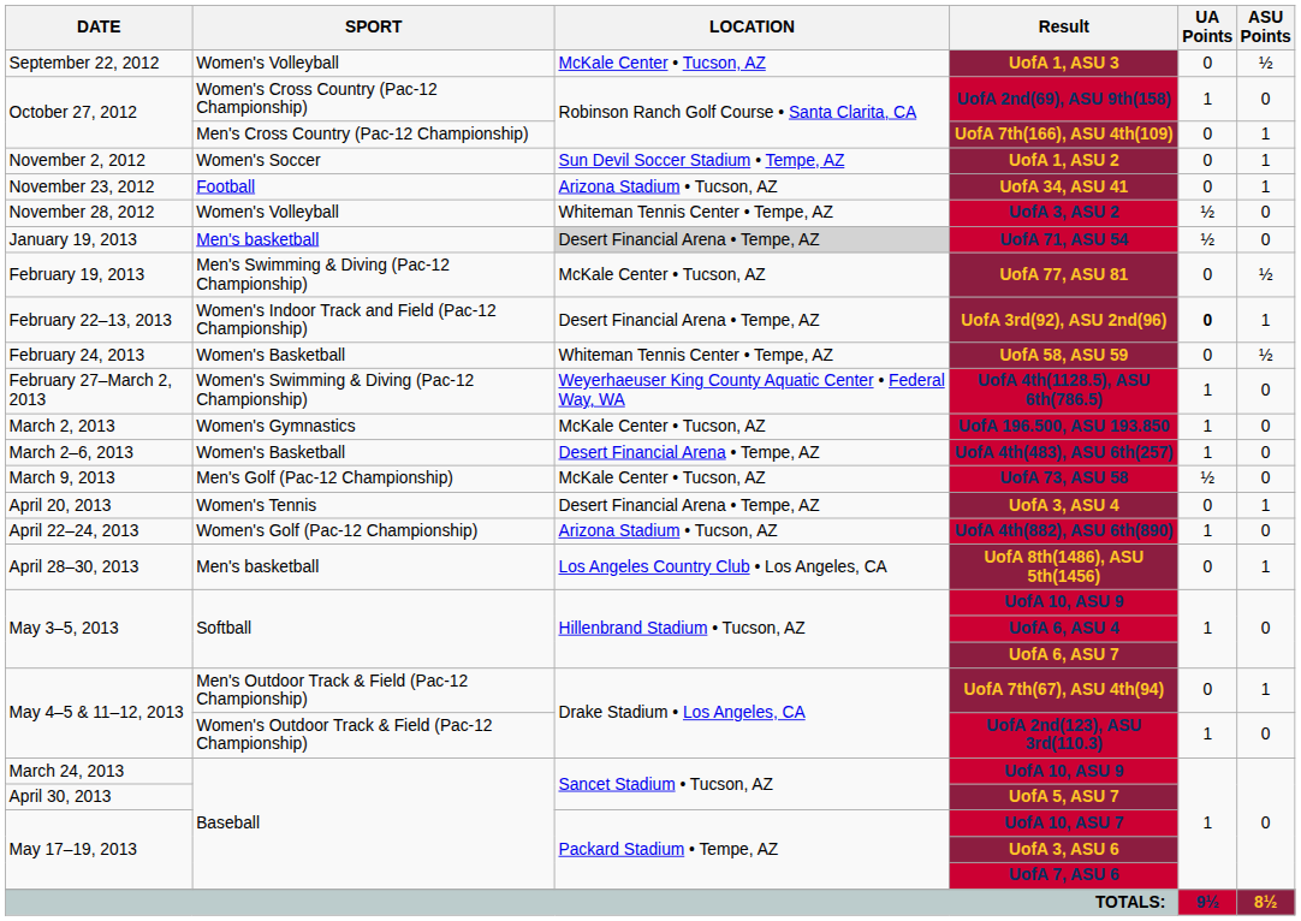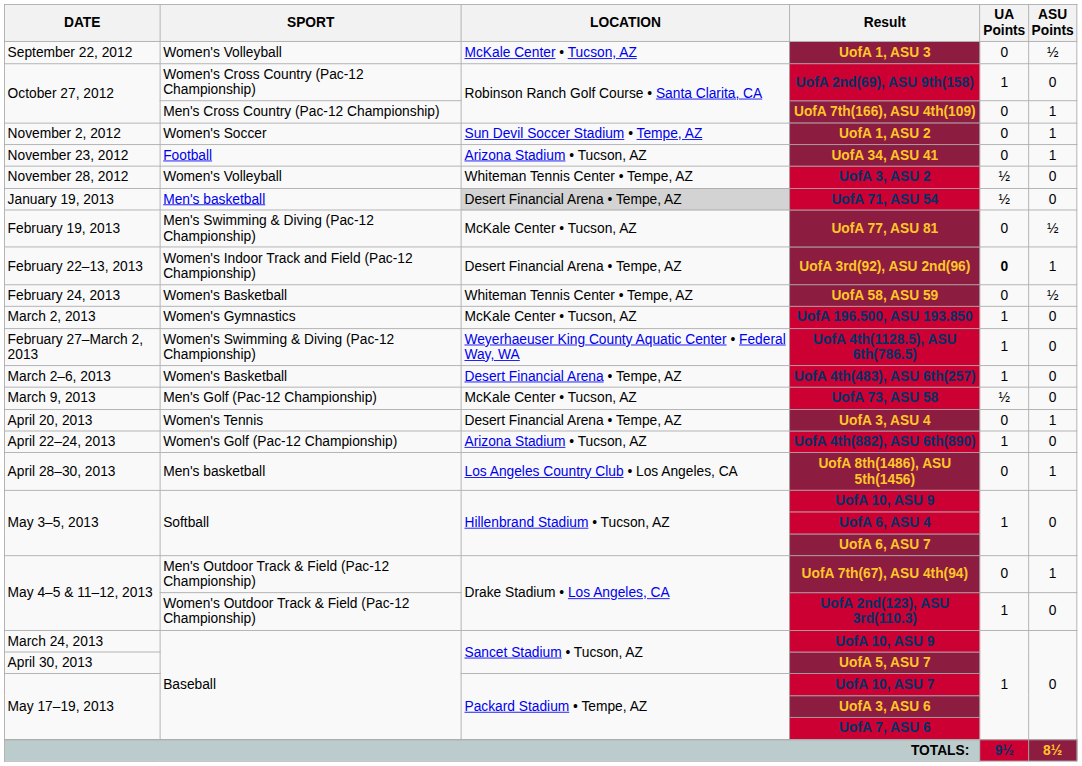 <table class=wikitable>
 <tr>
 <th>DATE</th>
 <th>SPORT</th>
 <th>LOCATION</th>
 <th>Result</th>
 <th>UA<br>Points</th>
 <th>ASU<br>Points</th>
 </tr>
 <tr>
 <td>September 22, 2012</td>
 <td>Women's Volleyball</td>
 <td><a href='#'>McKale Center</a> • <a href='#'>Tucson, AZ</a></td>
 <th style="background:#8C1D40; color:#FFC627;">UofA 1, ASU 3</th>
 <td align="center">0</td>
 <td align="center">½</td>
 </tr>
 <tr>
 <td rowspan=2>October 27, 2012</td>
 <td>Women's Cross Country (Pac-12 Championship)</td>
 <td rowspan=2>Robinson Ranch Golf Course • <a href='#'>Santa Clarita, CA</a></td>
 <th style="background:#CC0033; color:#003366;">UofA 2nd(69), ASU 9th(158)</th>
 <td align="center">1</td>
 <td align="center">0</td>
 </tr>
 <tr>
 <td>Men's Cross Country (Pac-12 Championship)</td>
 <th style="background:#8C1D40; color:#FFC627;">UofA 7th(166), ASU 4th(109)</th>
 <td align="center">0</td>
 <td align="center">1</td>
 </tr>
 <tr>
 <td>November 2, 2012</td>
 <td>Women's Soccer</td>
 <td><a href='#'>Sun Devil Soccer Stadium</a> • <a href='#'>Tempe, AZ</a></td>
 <th style="background:#8C1D40; color:#FFC627;">UofA 1, ASU 2</th>
 <td align="center">0</td>
 <td align="center">1</td>
 </tr>
 <tr>
 <td>November 23, 2012</td>
 <td><a href='#'>Football</a></td>
 <td><a href='#'>Arizona Stadium</a> • Tucson, AZ</td>
 <th style="background:#8C1D40; color:#FFC627;">UofA 34, ASU 41</th>
 <td align="center">0</td>
 <td align="center">1</td>
 </tr>
 <tr>
 <td>November 28, 2012</td>
 <td>Women's Volleyball</td>
 <td>Whiteman Tennis Center • Tempe, AZ</td>
 <th style="background:#CC0033; color:#003366;">UofA 3, ASU 2</th>
 <td align="center">½</td>
 <td align="center">0</td>
 </tr>
 <tr>
 <td>January 19, 2013</td>
 <td><a href='#'>Men's basketball</a></td>
 <td style="background: lightgrey;">Desert Financial Arena • Tempe, AZ</td>
 <th style="background:#CC0033; color:#003366;">UofA 71, ASU 54</th>
 <td align="center">½</td>
 <td align="center">0</td>
 </tr>
 <tr>
 <td>February 19, 2013</td>
 <td>Men's Swimming & Diving (Pac-12 Championship)</td>
 <td>McKale Center • Tucson, AZ</td>
 <th style="background:#8C1D40; color:#FFC627;">UofA 77, ASU 81</th>
 <td align="center">0</td>
 <td align="center">½</td>
 </tr>
 <tr>
 <td>February 22–13, 2013</td>
 <td>Women's Indoor Track and Field (Pac-12 Championship)</td>
 <td>Desert Financial Arena • Tempe, AZ</td>
 <th style="background:#8C1D40; color:#FFC627;">UofA 3rd(92), ASU 2nd(96)</th>
 <td align="center"><strong>0</strong></td>
 <td align="center">1</td>
 </tr>
 <tr>
 <td>February 24, 2013</td>
 <td>Women's Basketball</td>
 <td>Whiteman Tennis Center • Tempe, AZ</td>
 <th style="background:#8C1D40; color:#FFC627;">UofA 58, ASU 59</th>
 <td align="center">0</td>
 <td align="center">½</td>
 </tr>
 <tr>
+<td>March 2, 2013</td>
+<td>Women's Gymnastics</td>
+<td>McKale Center • Tucson, AZ</td>
+<th style="background:#CC0033; color:#003366;">UofA 196.500, ASU 193.850</th>
+<td align="center">1</td>
+<td align="center">0</td>
+</tr>
+<tr>
 <td>February 27–March 2, 2013</td>
 <td>Women's Swimming & Diving (Pac-12 Championship)</td>
 <td><a href='#'>Weyerhaeuser King County Aquatic Center</a> • <a href='#'>Federal Way, WA</a></td>
 <th style="background:#CC0033; color:#003366;">UofA 4th(1128.5), ASU 6th(786.5)</th>
-<td align="center">1</td>
-<td align="center">0</td>
-</tr>
-<tr>
-<td>March 2, 2013</td>
-<td>Women's Gymnastics</td>
-<td>McKale Center • Tucson, AZ</td>
-<th style="background:#CC0033; color:#003366;">UofA 196.500, ASU 193.850</th>
 <td align="center">1</td>
 <td align="center">0</td>
 </tr>
 <tr>
 <td>March 2–6, 2013</td>
 <td>Women's Basketball</td>
 <td><a href='#'>Desert Financial Arena</a> • Tempe, AZ</td>
 <th style="background:#CC0033; color:#003366;">UofA 4th(483), ASU 6th(257)</th>
 <td align="center">1</td>
 <td align="center">0</td>
 </tr>
 <tr>
 <td>March 9, 2013</td>
 <td>Men's Golf (Pac-12 Championship)</td>
 <td>McKale Center • Tucson, AZ</td>
 <th style="background:#CC0033; color:#003366;">UofA 73, ASU 58</th>
 <td align="center">½</td>
 <td align="center">0</td>
 </tr>
 <tr>
 <td>April 20, 2013</td>
 <td>Women's Tennis</td>
 <td>Desert Financial Arena • Tempe, AZ</td>
 <th style="background:#8C1D40; color:#FFC627;">UofA 3, ASU 4</th>
 <td align="center">0</td>
 <td align="center">1</td>
 </tr>
 <tr>
 <td>April 22–24, 2013</td>
 <td>Women's Golf (Pac-12 Championship)</td>
 <td><a href='#'>Arizona Stadium</a> • Tucson, AZ</td>
 <th style="background:#CC0033; color:#003366;">UofA 4th(882), ASU 6th(890)</th>
 <td align="center">1</td>
 <td align="center">0</td>
 </tr>
 <tr>
 <td>April 28–30, 2013</td>
 <td>Men's basketball</td>
 <td><a href='#'>Los Angeles Country Club</a> • Los Angeles, CA</td>
 <th style="background:#8C1D40; color:#FFC627;">UofA 8th(1486), ASU 5th(1456)</th>
 <td align="center">0</td>
 <td align="center">1</td>
 </tr>
 <tr>
 <td rowspan="3">May 3–5, 2013</td>
 <td rowspan="3">Softball</td>
 <td rowspan="3"><a href='#'>Hillenbrand Stadium</a> • Tucson, AZ</td>
 <th style="background:#CC0033; color:#003366;">UofA 10, ASU 9</th>
 <td rowspan="3" align="center">1</td>
 <td rowspan="3" align="center">0</td>
 </tr>
 <tr>
 <th style="background:#CC0033; color:#003366;">UofA 6, ASU 4</th>
 </tr>
 <tr>
 <th style="background:#8C1D40; color:#FFC627;">UofA 6, ASU 7</th>
 </tr>
 <tr>
 <td rowspan=2>May 4–5 & 11–12, 2013</td>
 <td>Men's Outdoor Track & Field (Pac-12 Championship)</td>
 <td rowspan=2>Drake Stadium • <a href='#'>Los Angeles, CA</a></td>
 <th style="background:#8C1D40; color:#FFC627;">UofA 7th(67), ASU 4th(94)</th>
 <td align="center">0</td>
 <td align="center">1</td>
 </tr>
 <tr>
 <td>Women's Outdoor Track & Field (Pac-12 Championship)</td>
 <th style="background:#CC0033; color:#003366;">UofA 2nd(123), ASU 3rd(110.3)</th>
 <td align="center">1</td>
 <td align="center">0</td>
 </tr>
 <tr>
 <td>March 24, 2013</td>
 <td rowspan="5">Baseball</td>
 <td rowspan="2"><a href='#'>Sancet Stadium</a> • Tucson, AZ</td>
 <th style="background:#CC0033; color:#003366;">UofA 10, ASU 9</th>
 <td rowspan="5" align="center">1</td>
 <td rowspan="5" align="center">0</td>
 </tr>
 <tr>
 <td>April 30, 2013</td>
 <th style="background:#8C1D40; color:#FFC627;">UofA 5, ASU 7</th>
 </tr>
 <tr>
 <td rowspan="3">May 17–19, 2013</td>
 <td rowspan="3"><a href='#'>Packard Stadium</a> • Tempe, AZ</td>
 <th style="background:#CC0033; color:#003366;">UofA 10, ASU 7</th>
 </tr>
 <tr>
 <th style="background:#8C1D40; color:#FFC627;">UofA 3, ASU 6</th>
 </tr>
 <tr>
 <th style="background:#CC0033; color:#003366;">UofA 7, ASU 6</th>
 </tr>
 <tr>
 </tr>
 <tr style="background:#bccccc;">
 <td colspan="4" style="text-align:right;"><strong>TOTALS:</strong>  </td>
 <th style="background:#CC0033; color:#003366;">9½</th>
 <th style="background:#8C1D40; color:#FFC627;">8½</th>
 </tr>
 </table>
